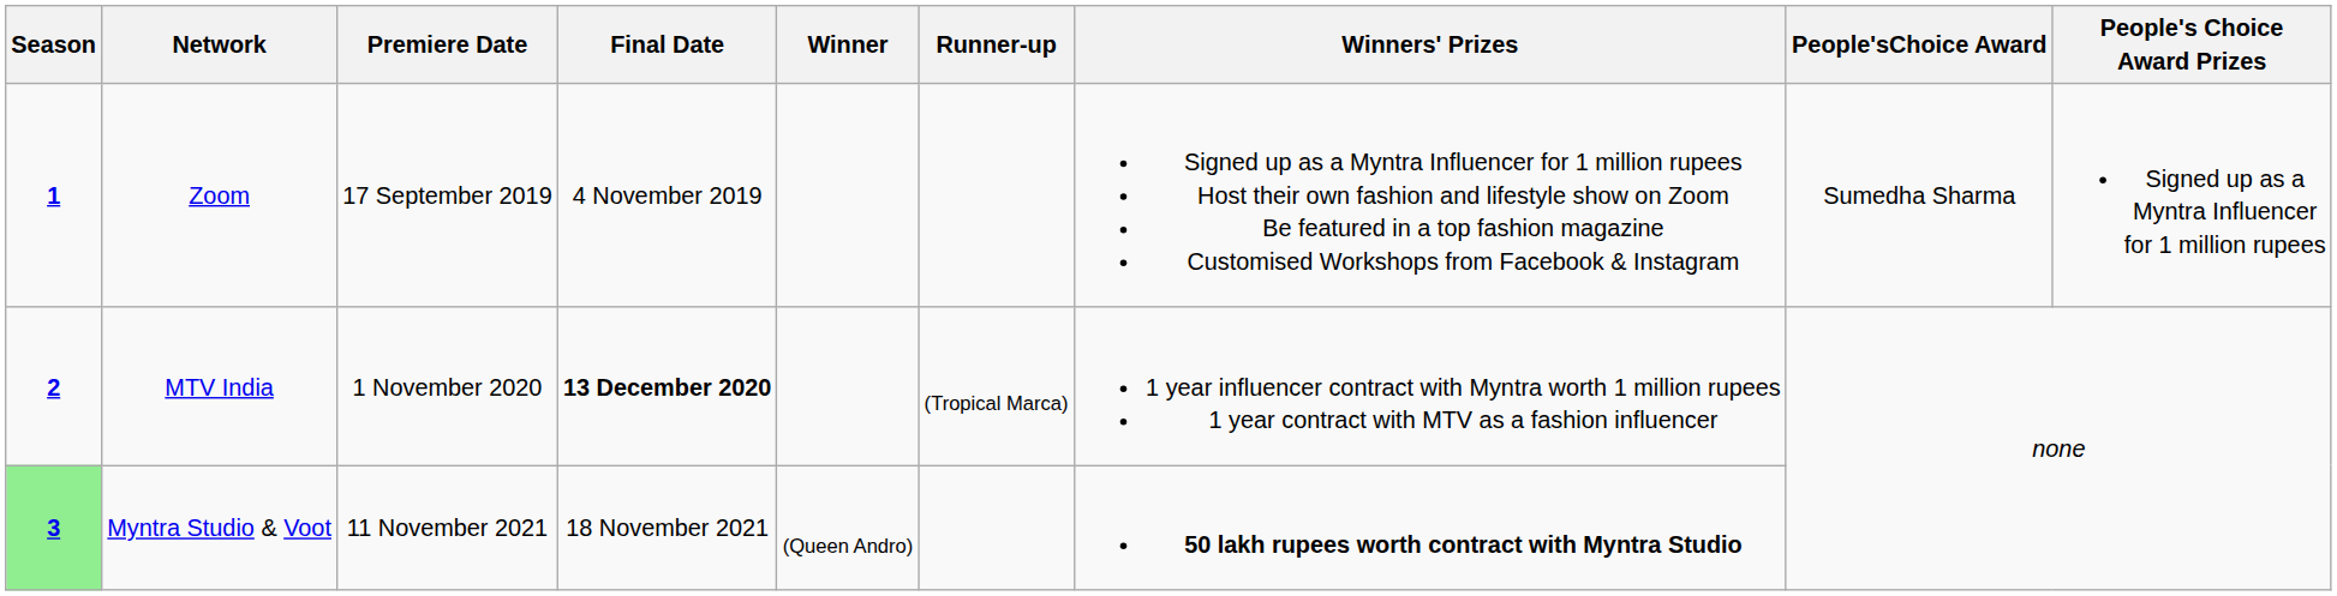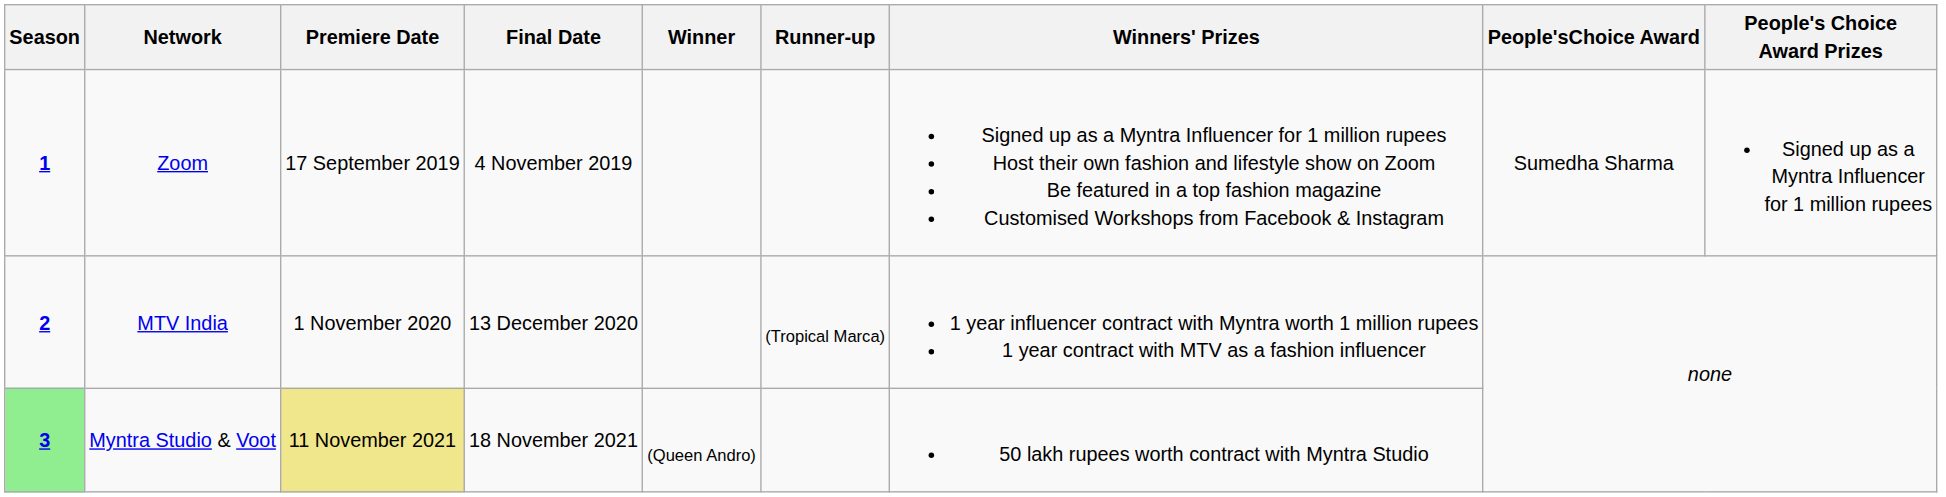 <table class="wikitable" style=" text-align:center; line-height:20px; width:auto; font-size:90%;">
 <tr>
 <th scope="col"><strong>Season</strong></th>
 <th>Network</th>
 <th>Premiere Date</th>
 <th>Final Date</th>
 <th>Winner</th>
 <th>Runner-up</th>
 <th>Winners' Prizes</th>
 <th>People'sChoice Award</th>
 <th>People's Choice<br>Award Prizes</th>
 </tr>
 <tr>
 <td><strong><a href='#'>1</a></strong></td>
 <td><a href='#'>Zoom</a></td>
 <td>17 September 2019</td>
 <td>4 November 2019</td>
 <td></td>
 <td></td>
 <td><br><ul><li>Signed up as a Myntra Influencer for 1 million rupees</li><li>Host their own fashion and lifestyle show on Zoom</li><li>Be featured in a top fashion magazine</li><li>Customised Workshops from Facebook & Instagram</li></ul></td>
 <td>Sumedha Sharma</td>
 <td><br><ul><li>Signed up as a<br>Myntra Influencer<br>for 1 million rupees</li></ul></td>
 </tr>
 <tr>
 <td><strong><a href='#'>2</a></strong></td>
 <td><a href='#'>MTV India</a></td>
 <td>1 November 2020</td>
-<td><strong>13 December 2020</strong></td>
+<td>13 December 2020</td>
 <td></td>
 <td><br><small>(Tropical Marca)</small></td>
 <td><br><ul><li>1 year influencer contract with Myntra worth 1 million rupees</li><li>1 year contract with MTV as a fashion influencer</li></ul></td>
 <td colspan="2" rowspan="2"><em>none</em></td>
 </tr>
 <tr>
 <td style="background: lightgreen;"><strong><a href='#'>3</a></strong></td>
 <td><a href='#'>Myntra Studio</a> & <a href='#'>Voot</a></td>
-<td>11 November 2021</td>
+<td style="background: khaki;">11 November 2021</td>
 <td>18 November 2021</td>
 <td><br><small>(Queen Andro)</small></td>
 <td></td>
-<td><strong><br><ul><li>50 lakh rupees worth contract with Myntra Studio</li></ul></strong></td>
+<td><br><ul><li>50 lakh rupees worth contract with Myntra Studio</li></ul></td>
 </tr>
 </table>
